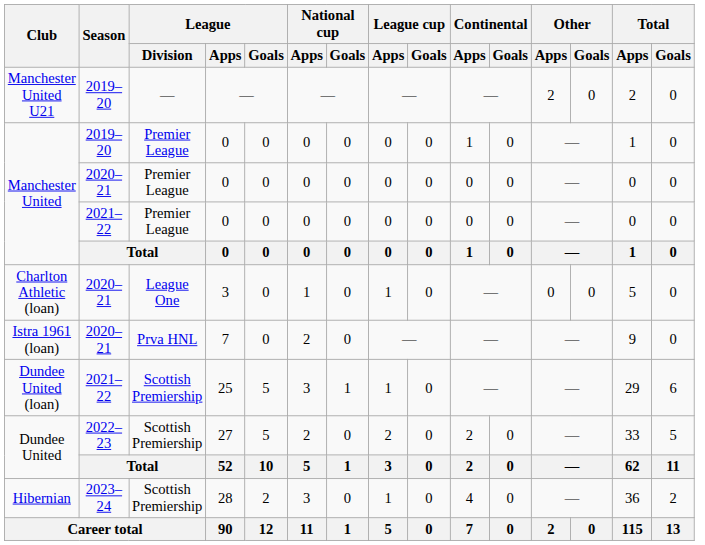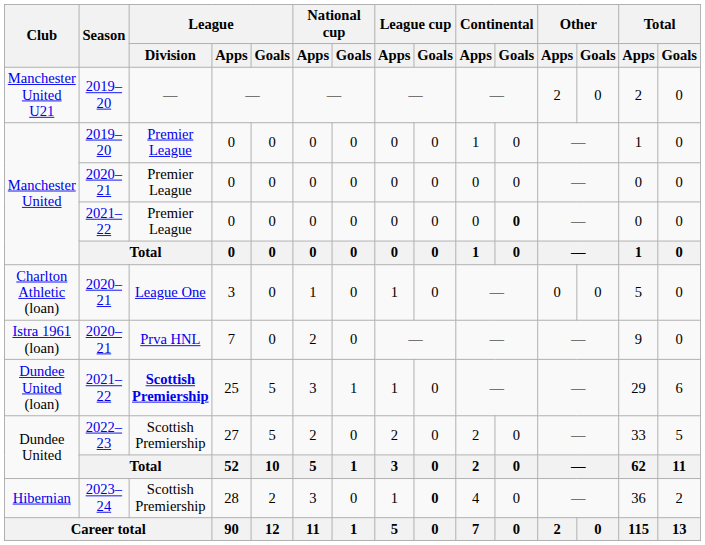 <table class=wikitable style=text-align:center>
 <tr>
 <th rowspan=2>Club</th>
 <th rowspan=2>Season</th>
 <th colspan=3>League</th>
 <th colspan=2>National cup</th>
 <th colspan=2>League cup</th>
 <th colspan=2>Continental</th>
 <th colspan=2>Other</th>
 <th colspan=2>Total</th>
 </tr>
 <tr>
 <th>Division</th>
 <th>Apps</th>
 <th>Goals</th>
 <th>Apps</th>
 <th>Goals</th>
 <th>Apps</th>
 <th>Goals</th>
 <th>Apps</th>
 <th>Goals</th>
 <th>Apps</th>
 <th>Goals</th>
 <th>Apps</th>
 <th>Goals</th>
 </tr>
 <tr>
 <td><a href='#'>Manchester United U21</a></td>
 <td><a href='#'>2019–20</a></td>
 <td colspan=1>—</td>
 <td colspan=2>—</td>
 <td colspan=2>—</td>
 <td colspan=2>—</td>
 <td colspan=2>—</td>
 <td>2</td>
 <td>0</td>
 <td>2</td>
 <td>0</td>
 </tr>
 <tr>
 <td rowspan=4><a href='#'>Manchester United</a></td>
 <td><a href='#'>2019–20</a></td>
 <td><a href='#'>Premier League</a></td>
 <td>0</td>
 <td>0</td>
 <td>0</td>
 <td>0</td>
 <td>0</td>
 <td>0</td>
 <td>1</td>
 <td>0</td>
 <td colspan=2>—</td>
 <td>1</td>
 <td>0</td>
 </tr>
 <tr>
 <td><a href='#'>2020–21</a></td>
 <td>Premier League</td>
 <td>0</td>
 <td>0</td>
 <td>0</td>
 <td>0</td>
 <td>0</td>
 <td>0</td>
 <td>0</td>
 <td>0</td>
 <td colspan=2>—</td>
 <td>0</td>
 <td>0</td>
 </tr>
 <tr>
 <td><a href='#'>2021–22</a></td>
 <td>Premier League</td>
 <td>0</td>
 <td>0</td>
 <td>0</td>
 <td>0</td>
 <td>0</td>
 <td>0</td>
 <td>0</td>
-<td>0</td>
+<td><strong>0</strong></td>
 <td colspan=2>—</td>
 <td>0</td>
 <td>0</td>
 </tr>
 <tr>
 <th colspan="2">Total</th>
 <th>0</th>
 <th>0</th>
 <th>0</th>
 <th>0</th>
 <th>0</th>
 <th>0</th>
 <th>1</th>
 <th>0</th>
 <th colspan=2>—</th>
 <th>1</th>
 <th>0</th>
 </tr>
 <tr>
 <td><a href='#'>Charlton Athletic</a> (loan)</td>
 <td><a href='#'>2020–21</a></td>
 <td><a href='#'>League One</a></td>
 <td>3</td>
 <td>0</td>
 <td>1</td>
 <td>0</td>
 <td>1</td>
 <td>0</td>
 <td colspan="2">—</td>
 <td>0</td>
 <td>0</td>
 <td>5</td>
 <td>0</td>
 </tr>
 <tr>
 <td><a href='#'>Istra 1961</a> (loan)</td>
 <td><a href='#'>2020–21</a></td>
 <td><a href='#'>Prva HNL</a></td>
 <td>7</td>
 <td>0</td>
 <td>2</td>
 <td>0</td>
 <td colspan="2">—</td>
 <td colspan="2">—</td>
 <td colspan="2">—</td>
 <td>9</td>
 <td>0</td>
 </tr>
 <tr>
 <td><a href='#'>Dundee United</a> (loan)</td>
 <td><a href='#'>2021–22</a></td>
-<td><a href='#'>Scottish Premiership</a></td>
+<td><strong><a href='#'>Scottish Premiership</a></strong></td>
 <td>25</td>
 <td>5</td>
 <td>3</td>
 <td>1</td>
 <td>1</td>
 <td>0</td>
 <td colspan=2>—</td>
 <td colspan=2>—</td>
 <td>29</td>
 <td>6</td>
 </tr>
 <tr>
 <td rowspan=2>Dundee United</td>
 <td><a href='#'>2022–23</a></td>
 <td>Scottish Premiership</td>
 <td>27</td>
 <td>5</td>
 <td>2</td>
 <td>0</td>
 <td>2</td>
 <td>0</td>
 <td>2</td>
 <td>0</td>
 <td colspan=2>—</td>
 <td>33</td>
 <td>5</td>
 </tr>
 <tr>
 <th colspan="2">Total</th>
 <th>52</th>
 <th>10</th>
 <th>5</th>
 <th>1</th>
 <th>3</th>
 <th>0</th>
 <th>2</th>
 <th>0</th>
 <th colspan=2>—</th>
 <th>62</th>
 <th>11</th>
 </tr>
 <tr>
 <td><a href='#'>Hibernian</a></td>
 <td><a href='#'>2023–24</a></td>
 <td>Scottish Premiership</td>
 <td>28</td>
 <td>2</td>
 <td>3</td>
 <td>0</td>
 <td>1</td>
-<td>0</td>
+<td><strong>0</strong></td>
 <td>4</td>
 <td>0</td>
 <td colspan=2>—</td>
 <td>36</td>
 <td>2</td>
 </tr>
 <tr>
 <th colspan=3>Career total</th>
 <th>90</th>
 <th>12</th>
 <th>11</th>
 <th>1</th>
 <th>5</th>
 <th>0</th>
 <th>7</th>
 <th>0</th>
 <th>2</th>
 <th>0</th>
 <th>115</th>
 <th>13</th>
 </tr>
 </table>
